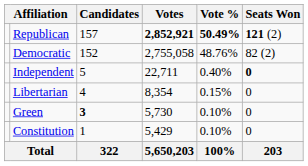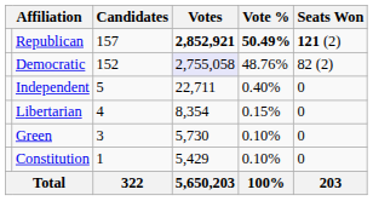 <table class="wikitable">
 <tr>
 <th colspan="2">Affiliation</th>
 <th>Candidates</th>
 <th>Votes</th>
 <th>Vote %</th>
 <th>Seats Won</th>
 </tr>
 <tr>
 <td style="background-color:"></td>
 <td><a href='#'>Republican</a></td>
 <td>157</td>
 <td><strong>2,852,921</strong></td>
 <td><strong>50.49%</strong></td>
 <td><strong>121</strong> (2)</td>
 </tr>
 <tr>
 <td style="background-color:"></td>
 <td><a href='#'>Democratic</a></td>
 <td>152</td>
-<td>2,755,058</td>
+<td style="background: lavender;">2,755,058</td>
 <td>48.76%</td>
 <td>82 (2)</td>
 </tr>
 <tr>
 <td style="background-color:"></td>
 <td><a href='#'>Independent</a></td>
 <td>5</td>
 <td>22,711</td>
 <td>0.40%</td>
-<td><strong>0</strong></td>
+<td>0</td>
 </tr>
 <tr>
 <td style="background-color:"></td>
 <td><a href='#'>Libertarian</a></td>
 <td>4</td>
 <td>8,354</td>
 <td>0.15%</td>
 <td>0</td>
 </tr>
 <tr>
 <td style="background-color:"></td>
 <td><a href='#'>Green</a></td>
-<td><strong>3</strong></td>
+<td>3</td>
 <td>5,730</td>
 <td>0.10%</td>
 <td>0</td>
 </tr>
 <tr>
 <td style="background-color:"></td>
 <td><a href='#'>Constitution</a></td>
 <td>1</td>
 <td>5,429</td>
 <td>0.10%</td>
 <td>0</td>
 </tr>
 <tr>
 <th colspan="2">Total</th>
 <th>322</th>
 <th>5,650,203</th>
 <th>100%</th>
 <th>203</th>
 </tr>
 </table>
